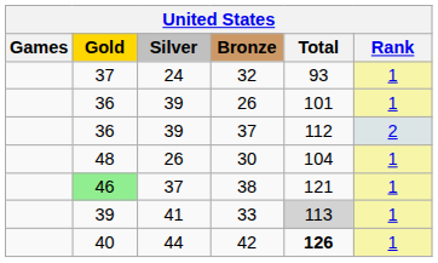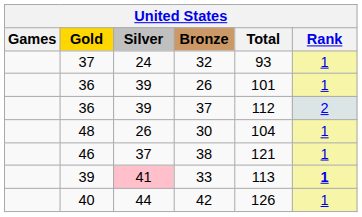 <table class="wikitable" style="text-align:center; font-size:90%;">
 <tr>
 <th colspan=8> <a href='#'>United States</a></th>
 </tr>
 <tr>
 <th>Games</th>
 <td style="background:gold; width:3.2em; font-weight:bold;">Gold</td>
 <td style="background:silver; width:3.7em; font-weight:bold;">Silver</td>
 <td style="background:#c96; width:3.7em; font-weight:bold;">Bronze</td>
 <th style="width:3.5em; font-weight:bold;">Total</th>
 <th style="width:4em; font-weight:bold;"><a href='#'>Rank</a></th>
 </tr>
 <tr>
 <td align=left></td>
 <td>37</td>
 <td>24</td>
 <td>32</td>
 <td>93</td>
 <td style="background:#f7f6a8;"><a href='#'>1</a></td>
 </tr>
 <tr>
 <td align=left></td>
 <td>36</td>
 <td>39</td>
 <td>26</td>
 <td>101</td>
 <td style="background:#f7f6a8;"><a href='#'>1</a></td>
 </tr>
 <tr>
 <td align=left></td>
 <td>36</td>
 <td>39</td>
 <td>37</td>
 <td>112</td>
 <td style="background:#dce5e5;"><a href='#'>2</a></td>
 </tr>
 <tr>
 <td align=left></td>
 <td>48</td>
 <td>26</td>
 <td>30</td>
 <td>104</td>
 <td style="background:#f7f6a8;"><a href='#'>1</a></td>
 </tr>
 <tr>
 <td align=left></td>
-<td style="background: lightgreen;">46</td>
+<td>46</td>
 <td>37</td>
 <td>38</td>
 <td>121</td>
 <td style="background:#f7f6a8;"><a href='#'>1</a></td>
 </tr>
 <tr>
 <td align=left></td>
 <td>39</td>
-<td>41</td>
+<td style="background: pink;">41</td>
 <td>33</td>
-<td style="background: lightgrey;">113</td>
-<td style="background:#f7f6a8;"><a href='#'>1</a></td>
+<td>113</td>
+<td style="background:#f7f6a8;"><strong><a href='#'>1</a></strong></td>
 </tr>
 <tr>
 <td align=left></td>
 <td>40</td>
 <td>44</td>
 <td>42</td>
-<td><strong>126</strong></td>
+<td>126</td>
 <td style="background:#f7f6a8;"><a href='#'>1</a></td>
 </tr>
 </table>
